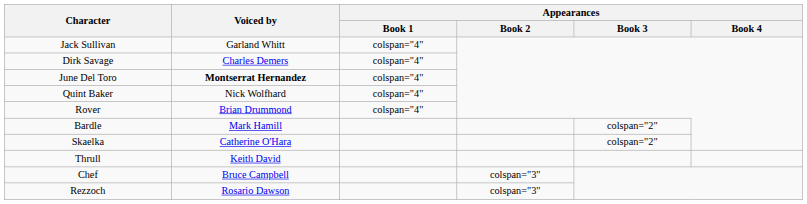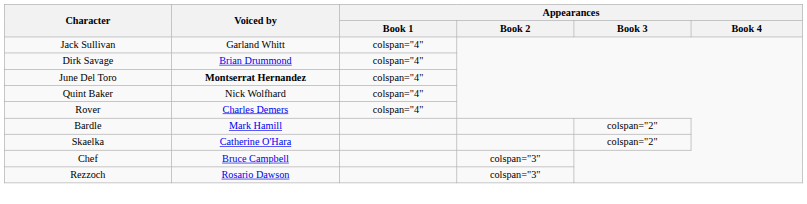 <table class="wikitable" style="text-align:center;">
 <tr>
 <th scope="col" rowspan="2" style="width:300px;">Character</th>
 <th scope="col" rowspan="2" style="width:300px;">Voiced by</th>
 <th scope="col" colspan="4">Appearances</th>
 </tr>
 <tr>
 <th scope="col" style="width:200px;">Book 1</th>
 <th scope="col" style="width:200px;">Book 2</th>
 <th scope="col" style="width:200px;">Book 3</th>
 <th scope="col" style="width:200px;">Book 4</th>
 </tr>
 <tr>
 <td>Jack Sullivan</td>
 <td>Garland Whitt</td>
 <td>colspan="4" </td>
 </tr>
 <tr>
 <td>Dirk Savage</td>
-<td><a href='#'>Charles Demers</a></td>
+<td><a href='#'>Brian Drummond</a></td>
 <td>colspan="4" </td>
 </tr>
 <tr>
 <td>June Del Toro</td>
 <td><strong>Montserrat Hernandez</strong></td>
 <td>colspan="4" </td>
 </tr>
 <tr>
 <td>Quint Baker</td>
 <td>Nick Wolfhard</td>
 <td>colspan="4" </td>
 </tr>
 <tr>
 <td>Rover</td>
-<td><a href='#'>Brian Drummond</a></td>
+<td><a href='#'>Charles Demers</a></td>
 <td>colspan="4" </td>
 </tr>
 <tr>
 <td>Bardle</td>
 <td><a href='#'>Mark Hamill</a></td>
 <td></td>
 <td></td>
 <td>colspan="2" </td>
 </tr>
 <tr>
 <td>Skaelka</td>
 <td><a href='#'>Catherine O'Hara</a></td>
 <td></td>
 <td></td>
 <td>colspan="2" </td>
 </tr>
 <tr>
-<td>Thrull</td>
-<td><a href='#'>Keith David</a></td>
-<td></td>
-<td></td>
-<td></td>
-<td></td>
-</tr>
-<tr>
 <td>Chef</td>
 <td><a href='#'>Bruce Campbell</a></td>
 <td></td>
 <td>colspan="3" </td>
 </tr>
 <tr>
 <td>Rezzoch</td>
 <td><a href='#'>Rosario Dawson</a></td>
 <td></td>
 <td>colspan="3" </td>
 </tr>
 </table>
